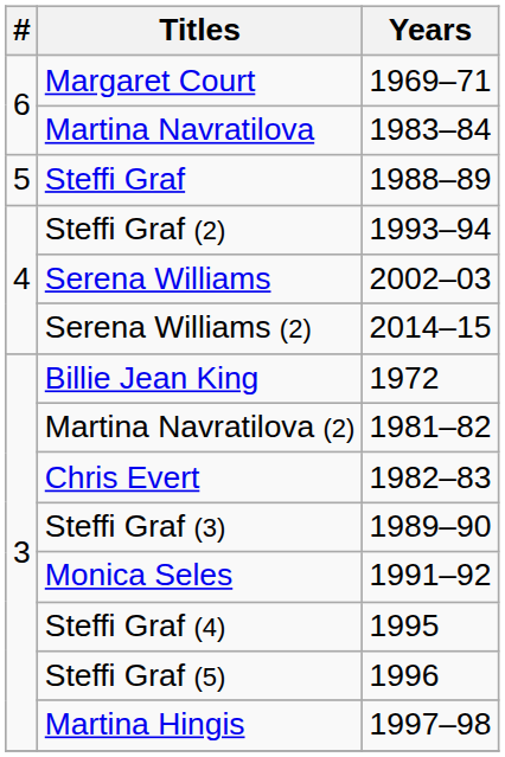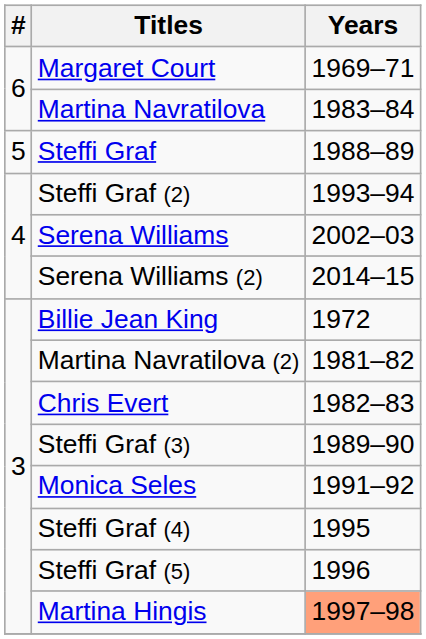 <table class=wikitable style="display:inline-table;">
 <tr>
 <th>#</th>
 <th>Titles</th>
 <th>Years</th>
 </tr>
 <tr>
 <td rowspan=2>6</td>
 <td> <a href='#'>Margaret Court</a></td>
 <td>1969–71</td>
 </tr>
 <tr>
 <td> <a href='#'>Martina Navratilova</a></td>
 <td>1983–84</td>
 </tr>
 <tr>
 <td>5</td>
 <td> <a href='#'>Steffi Graf</a></td>
 <td>1988–89</td>
 </tr>
 <tr>
 <td rowspan=3>4</td>
 <td> Steffi Graf <small>(2)</small></td>
 <td>1993–94</td>
 </tr>
 <tr>
 <td> <a href='#'>Serena Williams</a></td>
 <td>2002–03</td>
 </tr>
 <tr>
 <td> Serena Williams <small>(2)</small></td>
 <td>2014–15</td>
 </tr>
 <tr>
 <td rowspan=8>3</td>
 <td> <a href='#'>Billie Jean King</a></td>
 <td>1972</td>
 </tr>
 <tr>
 <td> Martina Navratilova <small>(2)</small></td>
 <td>1981–82</td>
 </tr>
 <tr>
 <td> <a href='#'>Chris Evert</a></td>
 <td>1982–83</td>
 </tr>
 <tr>
 <td> Steffi Graf <small>(3)</small></td>
 <td>1989–90</td>
 </tr>
 <tr>
 <td> <a href='#'>Monica Seles</a></td>
 <td>1991–92</td>
 </tr>
 <tr>
 <td> Steffi Graf <small>(4)</small></td>
 <td>1995</td>
 </tr>
 <tr>
 <td> Steffi Graf <small>(5)</small></td>
 <td>1996</td>
 </tr>
 <tr>
 <td> <a href='#'>Martina Hingis</a></td>
-<td>1997–98</td>
+<td style="background: lightsalmon;">1997–98</td>
 </tr>
 <tr>
 </tr>
 </table>
